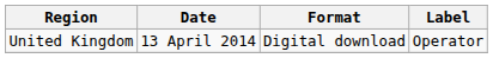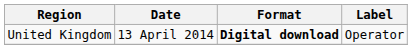 <table class=wikitable>
 <tr>
 <th>Region</th>
 <th>Date</th>
 <th>Format</th>
 <th>Label</th>
 </tr>
 <tr>
 <td>United Kingdom</td>
 <td>13 April 2014</td>
-<td>Digital download</td>
+<td><strong>Digital download</strong></td>
 <td>Operator</td>
 </tr>
 <tr>
 </tr>
 </table>
